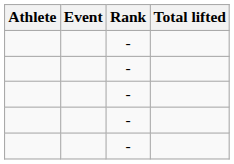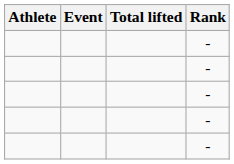 <table class="wikitable" style="font-size:90%">
 <tr>
 <th>Athlete</th>
 <th>Event</th>
+<th>Total lifted</th>
 <th>Rank</th>
-<th>Total lifted</th>
 </tr>
 <tr>
 <td></td>
 <td></td>
+<td align=center></td>
 <td align=center>-</td>
-<td align=center></td>
 </tr>
 <tr>
 <td></td>
 <td></td>
+<td align=center></td>
 <td align=center>-</td>
-<td align=center></td>
 </tr>
 <tr>
 <td></td>
 <td></td>
+<td align=center></td>
 <td align=center>-</td>
-<td align=center></td>
 </tr>
 <tr>
 <td></td>
 <td></td>
+<td align=center></td>
 <td align=center>-</td>
-<td align=center></td>
 </tr>
 <tr>
 <td></td>
 <td></td>
+<td align=center></td>
 <td align=center>-</td>
-<td align=center></td>
 </tr>
 </table>
